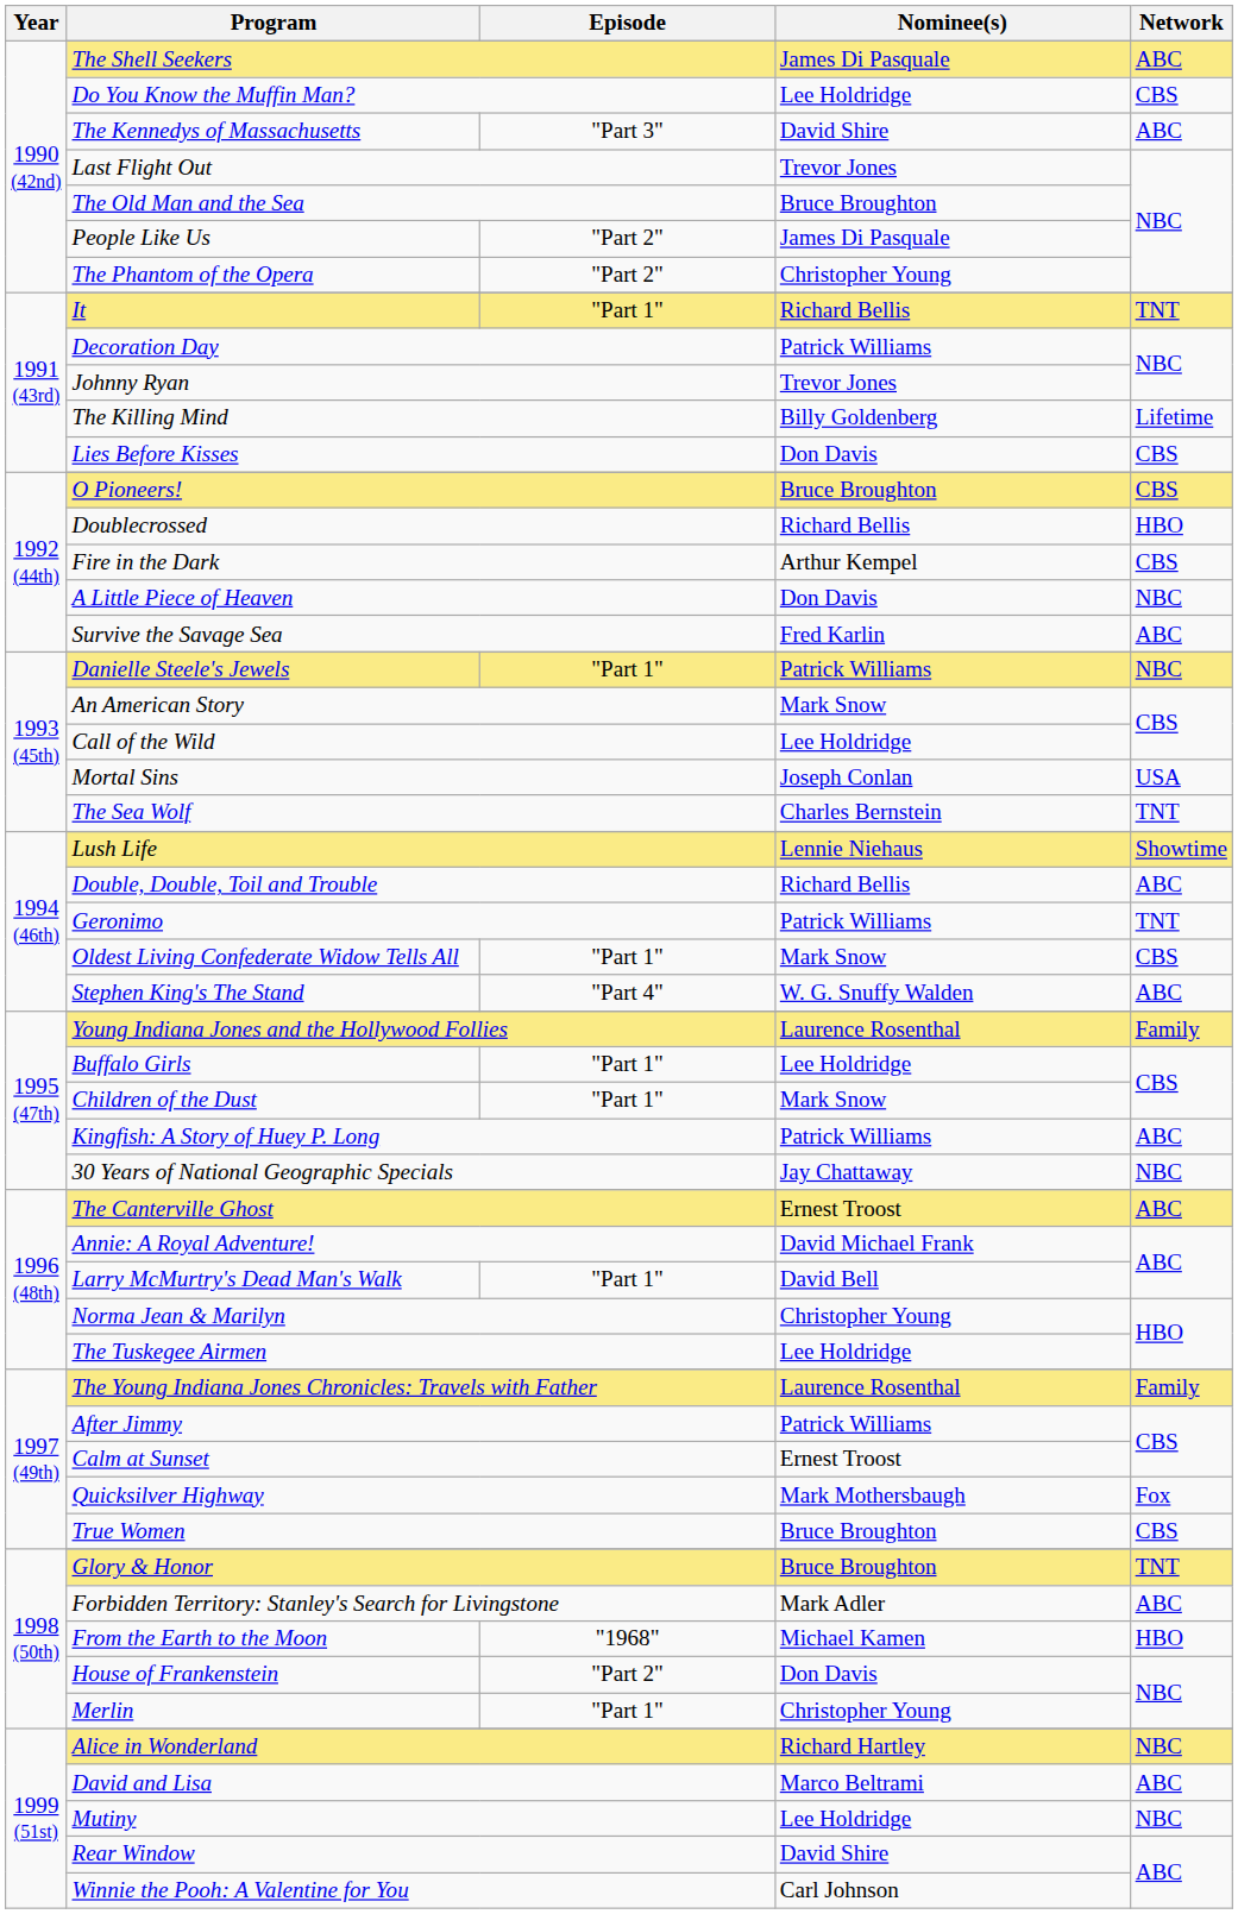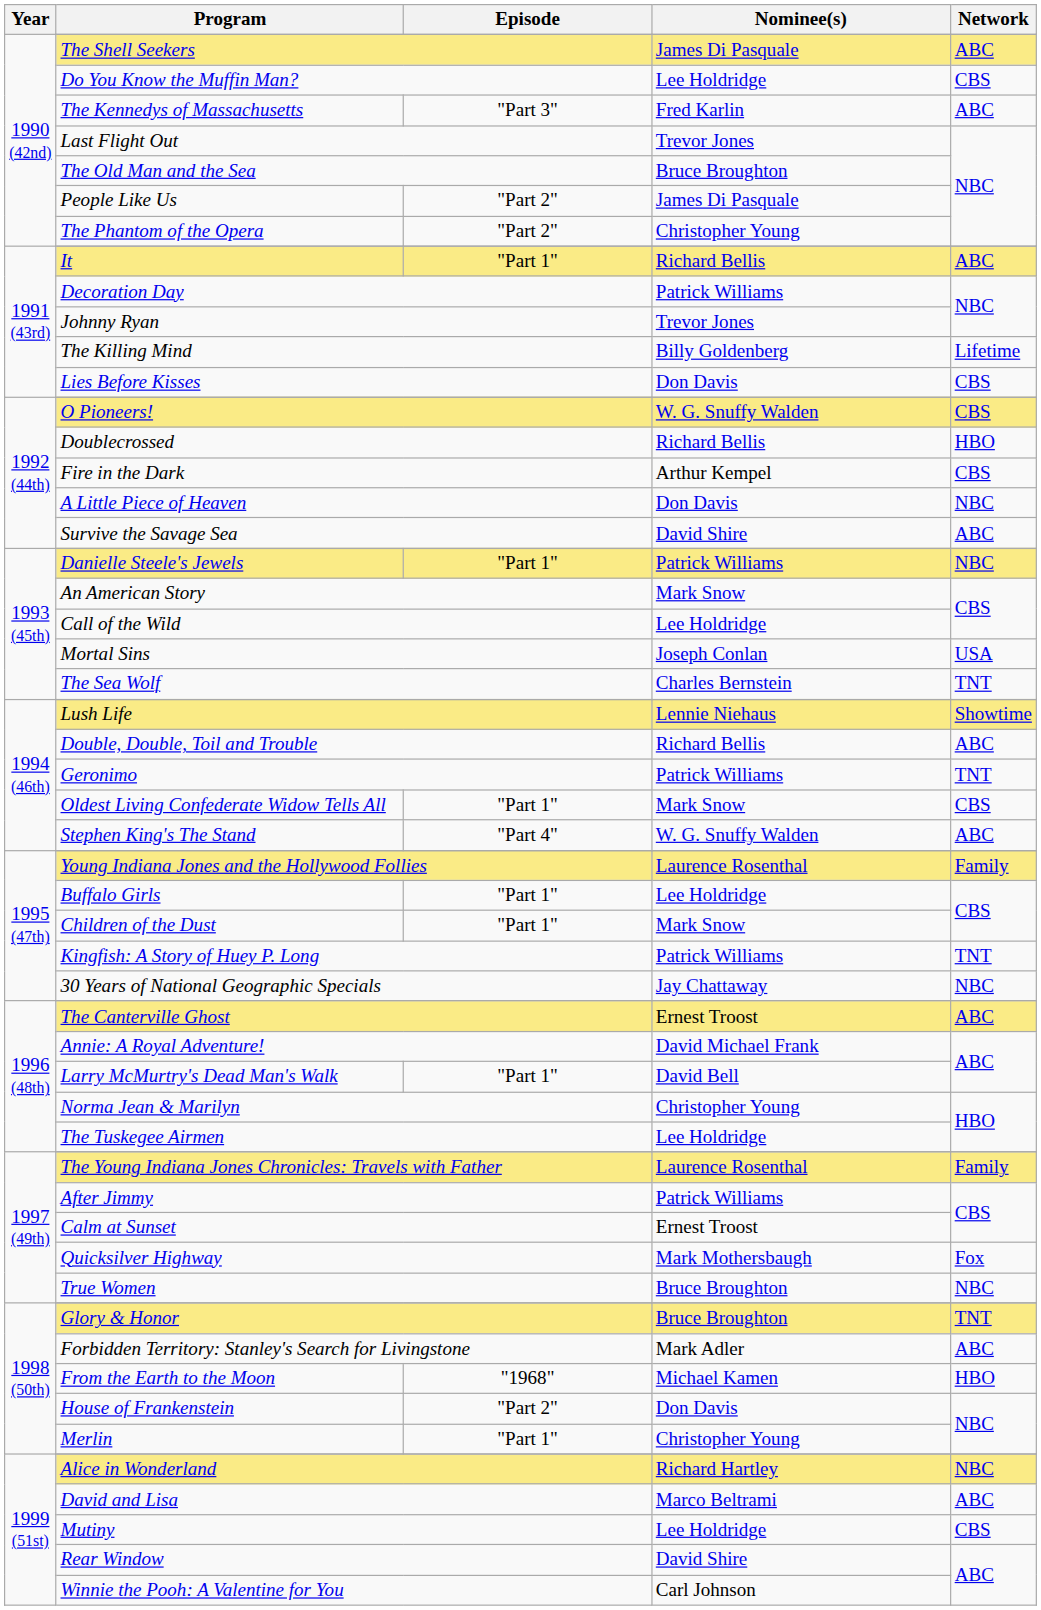 <table class="wikitable">
 <tr>
 <th width="5%">Year</th>
 <th width="35%">Program</th>
 <th width="25%">Episode</th>
 <th width="30%">Nominee(s)</th>
 <th width="5%">Network</th>
 </tr>
 <tr>
 <td rowspan="8" style="text-align:center;"><a href='#'>1990</a><br><small><a href='#'>(42nd)</a></small><br></td>
 </tr>
 <tr style="background:#FAEB86">
 <td colspan=2><em><a href='#'>The Shell Seekers</a></em></td>
 <td><a href='#'>James Di Pasquale</a></td>
 <td><a href='#'>ABC</a></td>
 </tr>
 <tr>
 <td colspan=2><em><a href='#'>Do You Know the Muffin Man?</a></em></td>
 <td><a href='#'>Lee Holdridge</a></td>
 <td><a href='#'>CBS</a></td>
 </tr>
 <tr>
 <td><em><a href='#'>The Kennedys of Massachusetts</a></em></td>
 <td align=center>"Part 3"</td>
-<td><a href='#'>David Shire</a></td>
+<td><a href='#'>Fred Karlin</a></td>
 <td><a href='#'>ABC</a></td>
 </tr>
 <tr>
 <td colspan=2><em>Last Flight Out</em></td>
 <td><a href='#'>Trevor Jones</a></td>
 <td rowspan=4><a href='#'>NBC</a></td>
 </tr>
 <tr>
 <td colspan=2><em><a href='#'>The Old Man and the Sea</a></em></td>
 <td><a href='#'>Bruce Broughton</a></td>
 </tr>
 <tr>
 <td><em>People Like Us</em></td>
 <td align=center>"Part 2"</td>
 <td><a href='#'>James Di Pasquale</a></td>
 </tr>
 <tr>
 <td><em><a href='#'>The Phantom of the Opera</a></em></td>
 <td align=center>"Part 2"</td>
 <td><a href='#'>Christopher Young</a></td>
 </tr>
 <tr>
 <td rowspan="6" style="text-align:center;"><a href='#'>1991</a><br><small><a href='#'>(43rd)</a></small><br></td>
 </tr>
 <tr style="background:#FAEB86">
 <td><em><a href='#'>It</a></em></td>
 <td align=center>"Part 1"</td>
 <td><a href='#'>Richard Bellis</a></td>
-<td><a href='#'>TNT</a></td>
+<td><a href='#'>ABC</a></td>
 </tr>
 <tr>
 <td colspan=2><em><a href='#'>Decoration Day</a></em></td>
 <td><a href='#'>Patrick Williams</a></td>
 <td rowspan=2><a href='#'>NBC</a></td>
 </tr>
 <tr>
 <td colspan=2><em>Johnny Ryan</em></td>
 <td><a href='#'>Trevor Jones</a></td>
 </tr>
 <tr>
 <td colspan=2><em>The Killing Mind</em></td>
 <td><a href='#'>Billy Goldenberg</a></td>
 <td><a href='#'>Lifetime</a></td>
 </tr>
 <tr>
 <td colspan=2><em><a href='#'>Lies Before Kisses</a></em></td>
 <td><a href='#'>Don Davis</a></td>
 <td><a href='#'>CBS</a></td>
 </tr>
 <tr>
 <td rowspan="6" style="text-align:center;"><a href='#'>1992</a><br><small><a href='#'>(44th)</a></small><br></td>
 </tr>
 <tr style="background:#FAEB86">
 <td colspan=2><em><a href='#'>O Pioneers!</a></em></td>
-<td><a href='#'>Bruce Broughton</a></td>
+<td><a href='#'>W. G. Snuffy Walden</a></td>
 <td><a href='#'>CBS</a></td>
 </tr>
 <tr>
 <td colspan=2><em>Doublecrossed</em></td>
 <td><a href='#'>Richard Bellis</a></td>
 <td><a href='#'>HBO</a></td>
 </tr>
 <tr>
 <td colspan=2><em>Fire in the Dark</em></td>
 <td>Arthur Kempel</td>
 <td><a href='#'>CBS</a></td>
 </tr>
 <tr>
 <td colspan=2><em><a href='#'>A Little Piece of Heaven</a></em></td>
 <td><a href='#'>Don Davis</a></td>
 <td><a href='#'>NBC</a></td>
 </tr>
 <tr>
 <td colspan=2><em>Survive the Savage Sea</em></td>
-<td><a href='#'>Fred Karlin</a></td>
+<td><a href='#'>David Shire</a></td>
 <td><a href='#'>ABC</a></td>
 </tr>
 <tr>
 <td rowspan="6" style="text-align:center;"><a href='#'>1993</a><br><small><a href='#'>(45th)</a></small><br></td>
 </tr>
 <tr style="background:#FAEB86">
 <td><em><a href='#'>Danielle Steele's Jewels</a></em></td>
 <td align=center>"Part 1"</td>
 <td><a href='#'>Patrick Williams</a></td>
 <td><a href='#'>NBC</a></td>
 </tr>
 <tr>
 <td colspan=2><em>An American Story</em></td>
 <td><a href='#'>Mark Snow</a></td>
 <td rowspan=2><a href='#'>CBS</a></td>
 </tr>
 <tr>
 <td colspan=2><em>Call of the Wild</em></td>
 <td><a href='#'>Lee Holdridge</a></td>
 </tr>
 <tr>
 <td colspan=2><em>Mortal Sins</em></td>
 <td><a href='#'>Joseph Conlan</a></td>
 <td><a href='#'>USA</a></td>
 </tr>
 <tr>
 <td colspan=2><em><a href='#'>The Sea Wolf</a></em></td>
 <td><a href='#'>Charles Bernstein</a></td>
 <td><a href='#'>TNT</a></td>
 </tr>
 <tr>
 <td rowspan="6" style="text-align:center;"><a href='#'>1994</a><br><small><a href='#'>(46th)</a></small><br></td>
 </tr>
 <tr style="background:#FAEB86">
 <td colspan=2><em>Lush Life</em></td>
 <td><a href='#'>Lennie Niehaus</a></td>
 <td><a href='#'>Showtime</a></td>
 </tr>
 <tr>
 <td colspan=2><em><a href='#'>Double, Double, Toil and Trouble</a></em></td>
 <td><a href='#'>Richard Bellis</a></td>
 <td><a href='#'>ABC</a></td>
 </tr>
 <tr>
 <td colspan=2><em><a href='#'>Geronimo</a></em></td>
 <td><a href='#'>Patrick Williams</a></td>
 <td><a href='#'>TNT</a></td>
 </tr>
 <tr>
 <td><em><a href='#'>Oldest Living Confederate Widow Tells All</a></em></td>
 <td align=center>"Part 1"</td>
 <td><a href='#'>Mark Snow</a></td>
 <td><a href='#'>CBS</a></td>
 </tr>
 <tr>
 <td><em><a href='#'>Stephen King's The Stand</a></em></td>
 <td align=center>"Part 4"</td>
 <td><a href='#'>W. G. Snuffy Walden</a></td>
 <td><a href='#'>ABC</a></td>
 </tr>
 <tr>
 <td rowspan="6" style="text-align:center;"><a href='#'>1995</a><br><small><a href='#'>(47th)</a></small><br></td>
 </tr>
 <tr style="background:#FAEB86">
 <td colspan=2><em><a href='#'>Young Indiana Jones and the Hollywood Follies</a></em></td>
 <td><a href='#'>Laurence Rosenthal</a></td>
 <td><a href='#'>Family</a></td>
 </tr>
 <tr>
 <td><em><a href='#'>Buffalo Girls</a></em></td>
 <td align=center>"Part 1"</td>
 <td><a href='#'>Lee Holdridge</a></td>
 <td rowspan=2><a href='#'>CBS</a></td>
 </tr>
 <tr>
 <td><em><a href='#'>Children of the Dust</a></em></td>
 <td align=center>"Part 1"</td>
 <td><a href='#'>Mark Snow</a></td>
 </tr>
 <tr>
 <td colspan=2><em><a href='#'>Kingfish: A Story of Huey P. Long</a></em></td>
 <td><a href='#'>Patrick Williams</a></td>
-<td><a href='#'>ABC</a></td>
+<td><a href='#'>TNT</a></td>
 </tr>
 <tr>
 <td colspan=2><em>30 Years of National Geographic Specials</em></td>
 <td><a href='#'>Jay Chattaway</a></td>
 <td><a href='#'>NBC</a></td>
 </tr>
 <tr>
 <td rowspan="6" style="text-align:center;"><a href='#'>1996</a><br><small><a href='#'>(48th)</a></small><br></td>
 </tr>
 <tr style="background:#FAEB86">
 <td colspan=2><em><a href='#'>The Canterville Ghost</a></em></td>
 <td>Ernest Troost</td>
 <td><a href='#'>ABC</a></td>
 </tr>
 <tr>
 <td colspan=2><em><a href='#'>Annie: A Royal Adventure!</a></em></td>
 <td><a href='#'>David Michael Frank</a></td>
 <td rowspan=2><a href='#'>ABC</a></td>
 </tr>
 <tr>
 <td><em><a href='#'>Larry McMurtry's Dead Man's Walk</a></em></td>
 <td align=center>"Part 1"</td>
 <td><a href='#'>David Bell</a></td>
 </tr>
 <tr>
 <td colspan=2><em><a href='#'>Norma Jean & Marilyn</a></em></td>
 <td><a href='#'>Christopher Young</a></td>
 <td rowspan=2><a href='#'>HBO</a></td>
 </tr>
 <tr>
 <td colspan=2><em><a href='#'>The Tuskegee Airmen</a></em></td>
 <td><a href='#'>Lee Holdridge</a></td>
 </tr>
 <tr>
 <td rowspan="6" style="text-align:center;"><a href='#'>1997</a><br><small><a href='#'>(49th)</a></small><br></td>
 </tr>
 <tr style="background:#FAEB86">
 <td colspan=2><em><a href='#'>The Young Indiana Jones Chronicles: Travels with Father</a></em></td>
 <td><a href='#'>Laurence Rosenthal</a></td>
 <td><a href='#'>Family</a></td>
 </tr>
 <tr>
 <td colspan=2><em><a href='#'>After Jimmy</a></em></td>
 <td><a href='#'>Patrick Williams</a></td>
 <td rowspan=2><a href='#'>CBS</a></td>
 </tr>
 <tr>
 <td colspan=2><em><a href='#'>Calm at Sunset</a></em></td>
 <td>Ernest Troost</td>
 </tr>
 <tr>
 <td colspan=2><em><a href='#'>Quicksilver Highway</a></em></td>
 <td><a href='#'>Mark Mothersbaugh</a></td>
 <td><a href='#'>Fox</a></td>
 </tr>
 <tr>
 <td colspan=2><em><a href='#'>True Women</a></em></td>
 <td><a href='#'>Bruce Broughton</a></td>
-<td><a href='#'>CBS</a></td>
+<td><a href='#'>NBC</a></td>
 </tr>
 <tr>
 <td rowspan="6" style="text-align:center;"><a href='#'>1998</a><br><small><a href='#'>(50th)</a></small><br></td>
 </tr>
 <tr style="background:#FAEB86">
 <td colspan=2><em><a href='#'>Glory & Honor</a></em></td>
 <td><a href='#'>Bruce Broughton</a></td>
 <td><a href='#'>TNT</a></td>
 </tr>
 <tr>
 <td colspan=2><em>Forbidden Territory: Stanley's Search for Livingstone</em></td>
 <td>Mark Adler</td>
 <td><a href='#'>ABC</a></td>
 </tr>
 <tr>
 <td><em><a href='#'>From the Earth to the Moon</a></em></td>
 <td align=center>"1968"</td>
 <td><a href='#'>Michael Kamen</a></td>
 <td><a href='#'>HBO</a></td>
 </tr>
 <tr>
 <td><em><a href='#'>House of Frankenstein</a></em></td>
 <td align=center>"Part 2"</td>
 <td><a href='#'>Don Davis</a></td>
 <td rowspan=2><a href='#'>NBC</a></td>
 </tr>
 <tr>
 <td><em><a href='#'>Merlin</a></em></td>
 <td align=center>"Part 1"</td>
 <td><a href='#'>Christopher Young</a></td>
 </tr>
 <tr>
 <td rowspan="6" style="text-align:center;"><a href='#'>1999</a><br><small><a href='#'>(51st)</a></small><br></td>
 </tr>
 <tr style="background:#FAEB86">
 <td colspan=2><em><a href='#'>Alice in Wonderland</a></em></td>
 <td><a href='#'>Richard Hartley</a></td>
 <td><a href='#'>NBC</a></td>
 </tr>
 <tr>
 <td colspan=2><em><a href='#'>David and Lisa</a></em></td>
 <td><a href='#'>Marco Beltrami</a></td>
 <td><a href='#'>ABC</a></td>
 </tr>
 <tr>
 <td colspan=2><em><a href='#'>Mutiny</a></em></td>
 <td><a href='#'>Lee Holdridge</a></td>
-<td><a href='#'>NBC</a></td>
+<td><a href='#'>CBS</a></td>
 </tr>
 <tr>
 <td colspan=2><em><a href='#'>Rear Window</a></em></td>
 <td><a href='#'>David Shire</a></td>
 <td rowspan=2><a href='#'>ABC</a></td>
 </tr>
 <tr>
 <td colspan=2><em><a href='#'>Winnie the Pooh: A Valentine for You</a></em></td>
 <td>Carl Johnson</td>
 </tr>
 </table>
